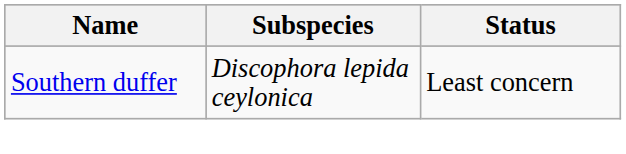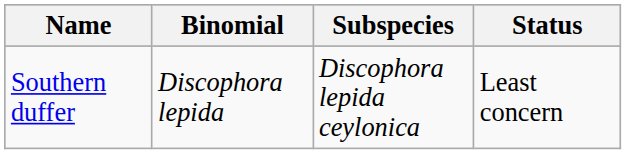 <table width=60% class="wikitable">
 <tr>
 <th width=20%>Name</th>
+<th width=20%>Binomial</th>
 <th width=20%>Subspecies</th>
 <th width=20%>Status</th>
 </tr>
 <tr>
 <td><a href='#'>Southern duffer</a><br> </td>
+<td><em>Discophora lepida</em></td>
 <td><em>Discophora lepida ceylonica</em></td>
 <td>Least concern</td>
 </tr>
 </table>
